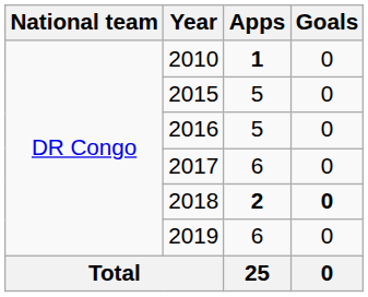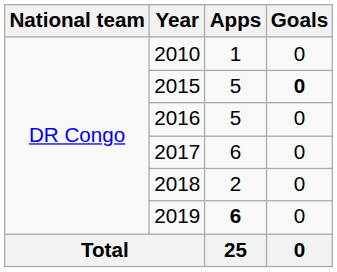 <table class=wikitable style=text-align:center>
 <tr>
 <th>National team</th>
 <th>Year</th>
 <th>Apps</th>
 <th>Goals</th>
 </tr>
 <tr>
 <td rowspan=6><a href='#'>DR Congo</a></td>
 <td>2010</td>
-<td><strong>1</strong></td>
+<td>1</td>
 <td>0</td>
 </tr>
 <tr>
 <td>2015</td>
 <td>5</td>
-<td>0</td>
+<td><strong>0</strong></td>
 </tr>
 <tr>
 <td>2016</td>
 <td>5</td>
 <td>0</td>
 </tr>
 <tr>
 <td>2017</td>
 <td>6</td>
 <td>0</td>
 </tr>
 <tr>
 <td>2018</td>
-<td><strong>2</strong></td>
-<td><strong>0</strong></td>
+<td>2</td>
+<td>0</td>
 </tr>
 <tr>
 <td>2019</td>
-<td>6</td>
+<td><strong>6</strong></td>
 <td>0</td>
 </tr>
 <tr>
 <th colspan=2>Total</th>
 <th>25</th>
 <th>0</th>
 </tr>
 </table>
